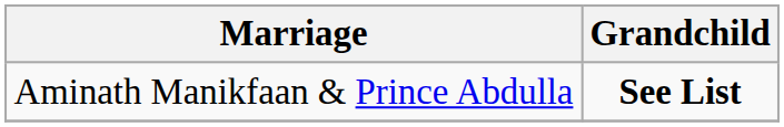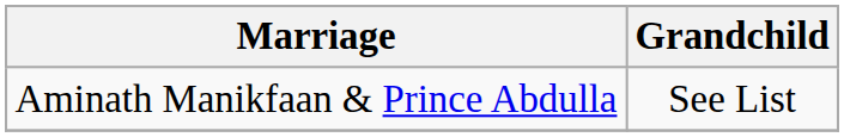 <table class="wikitable" style="text-align:center">
 <tr>
 <th>Marriage</th>
 <th>Grandchild</th>
 </tr>
 <tr>
 <td>Aminath Manikfaan & <a href='#'>Prince Abdulla</a></td>
-<td><strong>See List </strong></td>
+<td>See List </td>
 </tr>
 <tr>
 </tr>
 </table>
